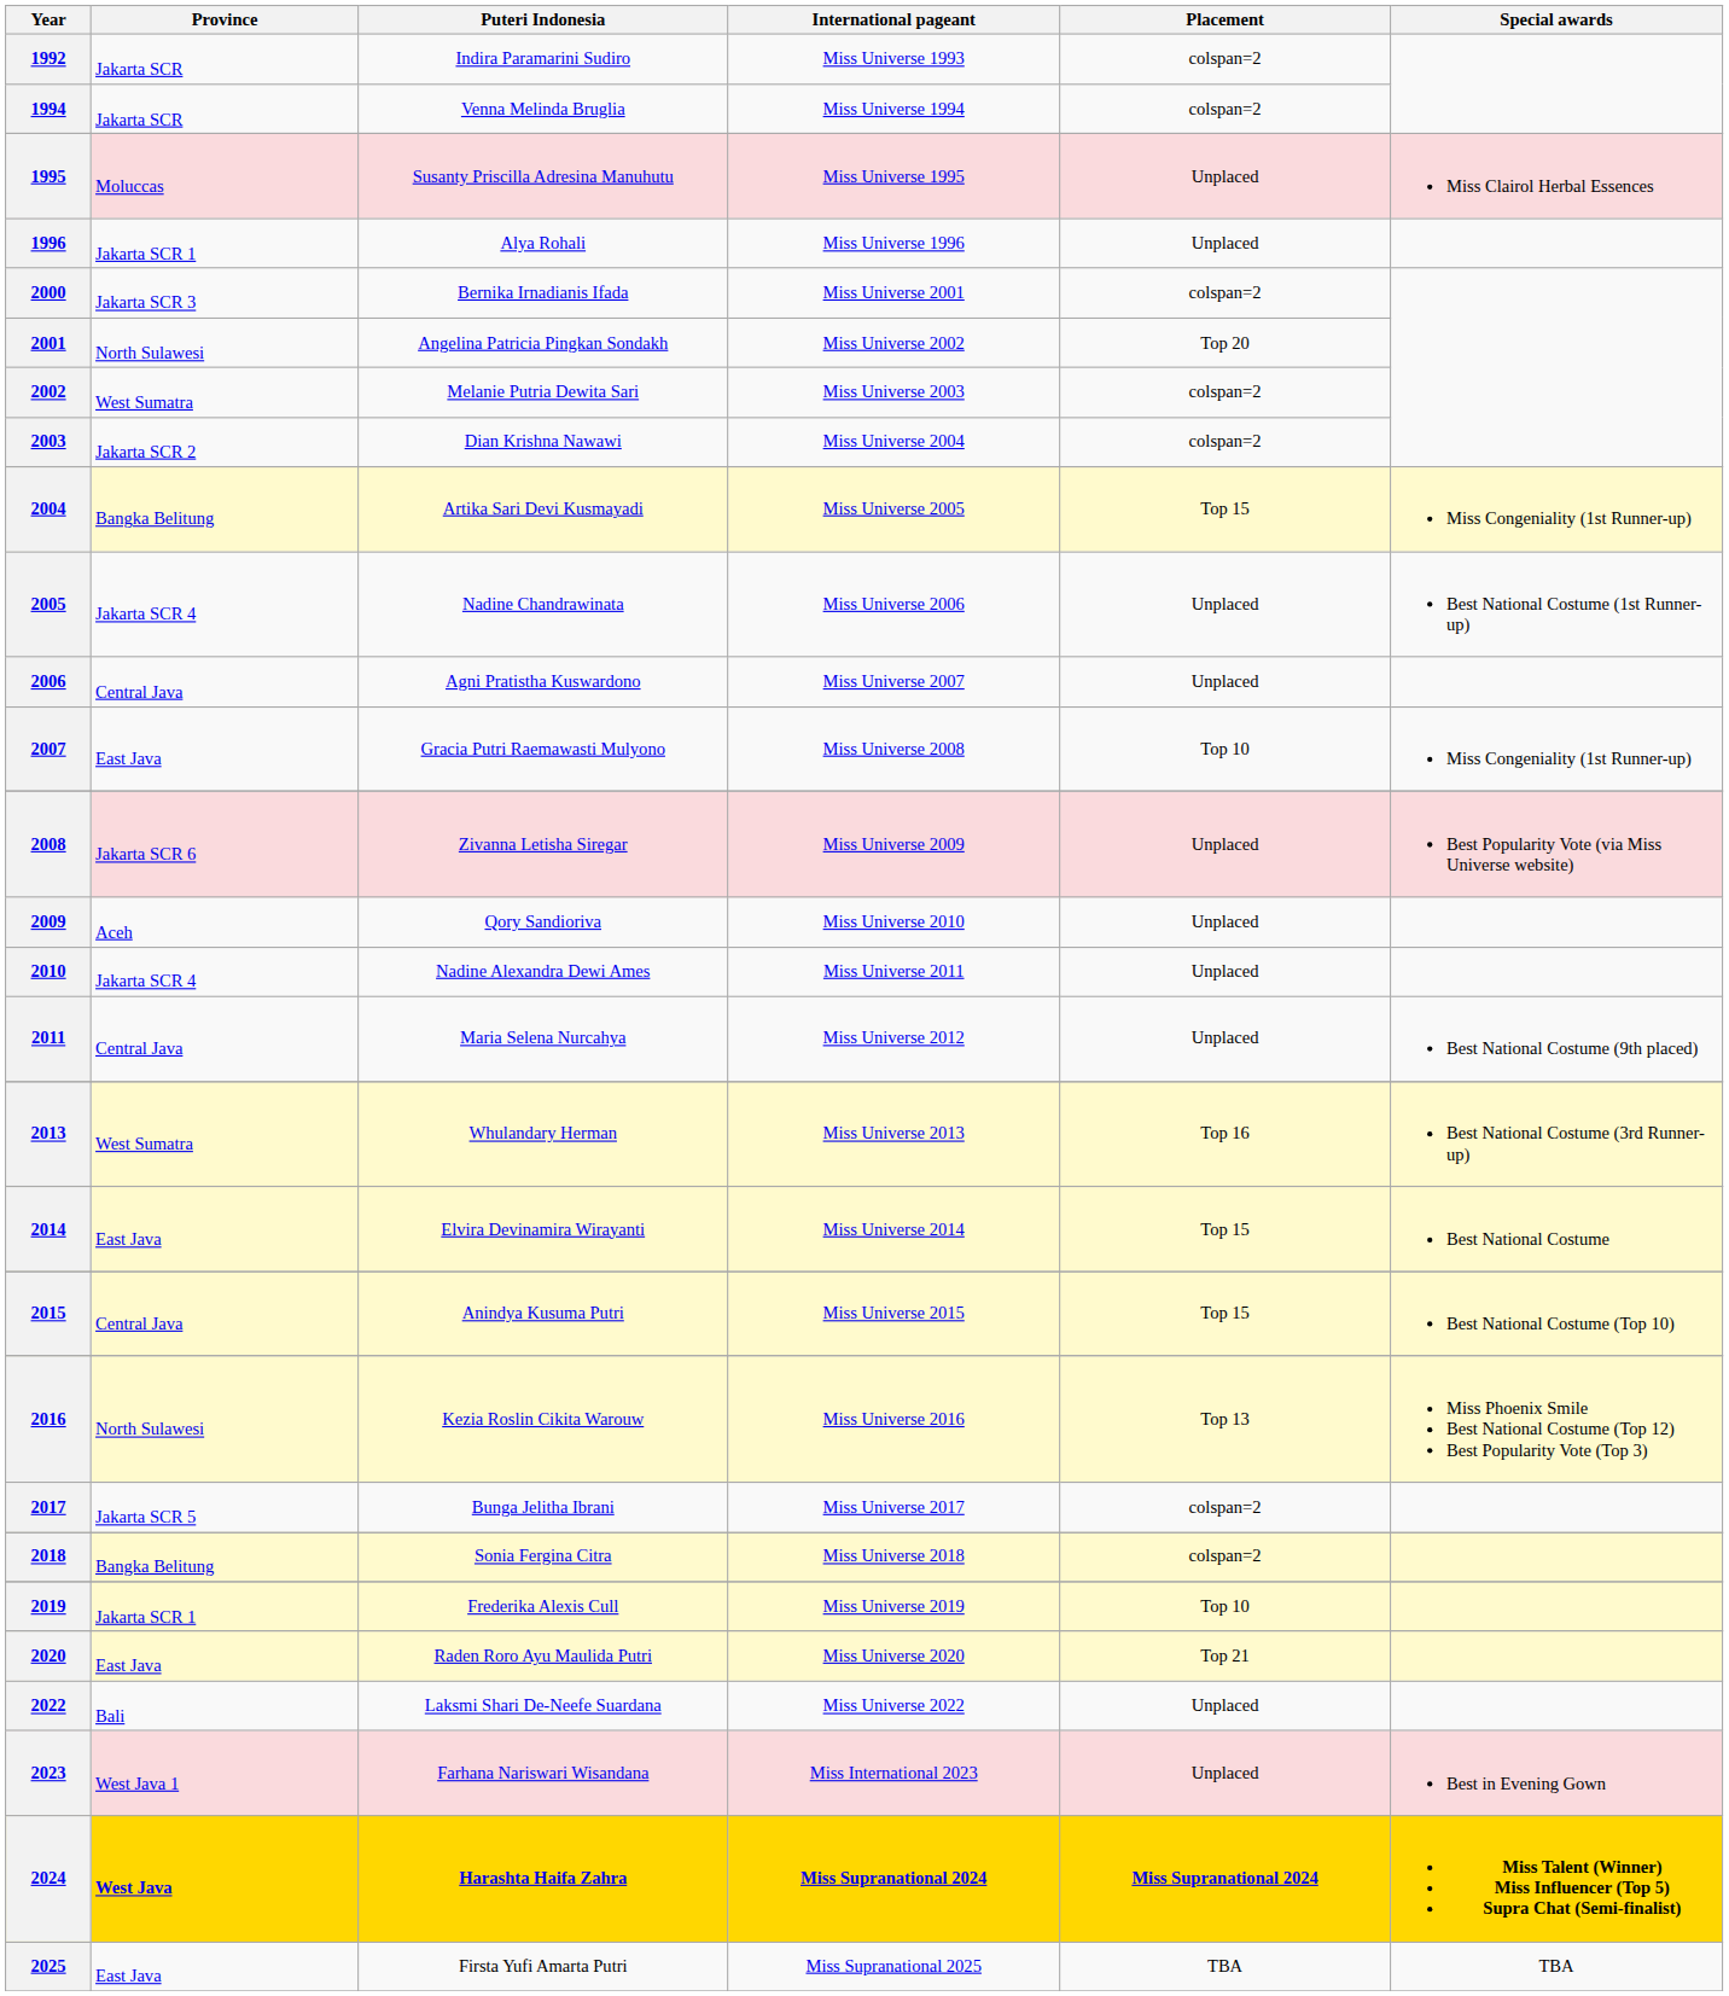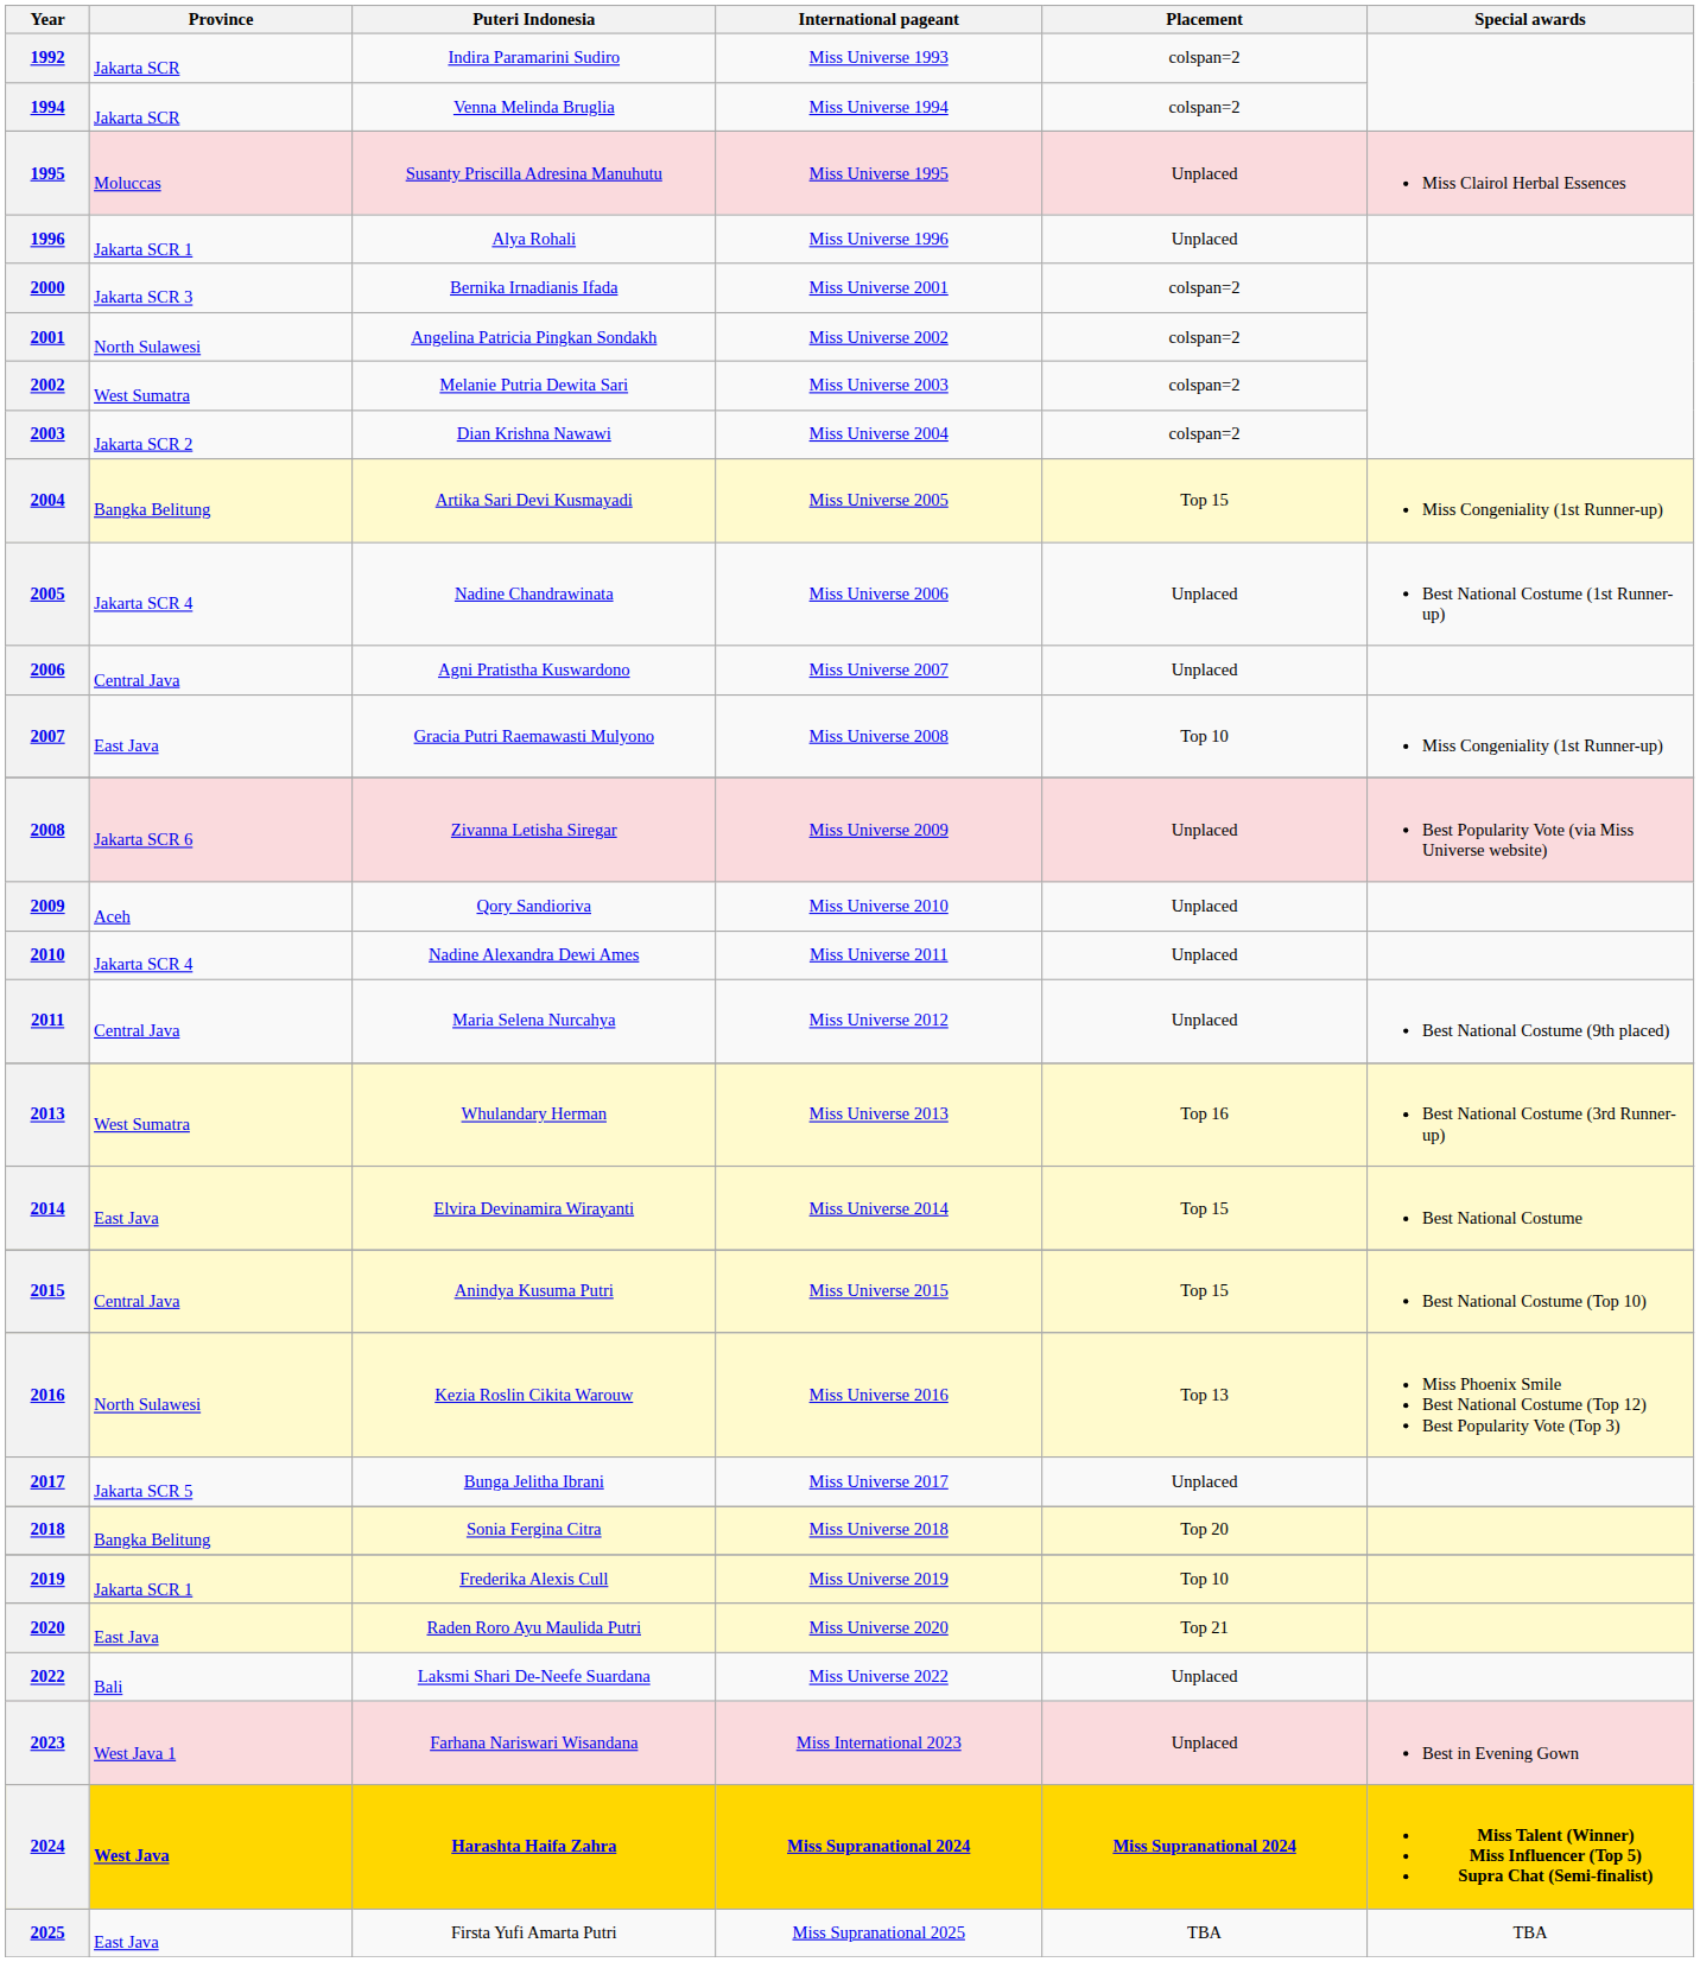 <table class="wikitable" style="font-size: 85%; text-align:center">
 <tr colspan=10 align="center">
 <th width="60">Year</th>
 <th width="200">Province</th>
 <th width="280">Puteri Indonesia</th>
 <th width="250">International pageant</th>
 <th width="250">Placement</th>
 <th width="250">Special awards</th>
 </tr>
 <tr>
 <th><a href='#'>1992</a></th>
 <td align="left"><br><a href='#'>Jakarta SCR</a></td>
 <td><a href='#'>Indira Paramarini Sudiro</a></td>
 <td><a href='#'>Miss Universe 1993</a></td>
 <td>colspan=2 </td>
 </tr>
 <tr>
 <th><a href='#'>1994</a></th>
 <td align="left"><br><a href='#'>Jakarta SCR</a></td>
 <td><a href='#'>Venna Melinda Bruglia</a></td>
 <td><a href='#'>Miss Universe 1994</a></td>
 <td>colspan=2 </td>
 </tr>
 <tr>
 </tr>
 <tr style="background-color:#FADADD; ">
 <th><a href='#'>1995</a></th>
 <td align="left"><br><a href='#'>Moluccas</a></td>
 <td><a href='#'>Susanty Priscilla Adresina Manuhutu</a></td>
 <td><a href='#'>Miss Universe 1995</a></td>
 <td>Unplaced</td>
 <td align="left"><br><ul><li>Miss Clairol Herbal Essences</li></ul></td>
 </tr>
 <tr>
 <th><a href='#'>1996</a></th>
 <td align="left"><br><a href='#'>Jakarta SCR 1</a></td>
 <td><a href='#'>Alya Rohali</a></td>
 <td><a href='#'>Miss Universe 1996</a></td>
 <td>Unplaced</td>
 <td></td>
 </tr>
 <tr>
 <th><a href='#'>2000</a></th>
 <td align="left"><br><a href='#'>Jakarta SCR 3</a></td>
 <td><a href='#'>Bernika Irnadianis Ifada</a></td>
 <td><a href='#'>Miss Universe 2001</a></td>
 <td>colspan=2 </td>
 </tr>
 <tr>
 <th><a href='#'>2001</a></th>
 <td align="left"><br><a href='#'>North Sulawesi</a></td>
 <td><a href='#'>Angelina Patricia Pingkan Sondakh</a></td>
 <td><a href='#'>Miss Universe 2002</a></td>
-<td>Top 20</td>
+<td>colspan=2 </td>
 </tr>
 <tr>
 <th><a href='#'>2002</a></th>
 <td align="left"><br><a href='#'>West Sumatra</a></td>
 <td><a href='#'>Melanie Putria Dewita Sari</a></td>
 <td><a href='#'>Miss Universe 2003</a></td>
 <td>colspan=2 </td>
 </tr>
 <tr>
 <th><a href='#'>2003</a></th>
 <td align="left"><br><a href='#'>Jakarta SCR 2</a></td>
 <td><a href='#'>Dian Krishna Nawawi</a></td>
 <td><a href='#'>Miss Universe 2004</a></td>
 <td>colspan=2 </td>
 </tr>
 <tr>
 </tr>
 <tr style="background-color:#FFFACD; ">
 <th><a href='#'>2004</a></th>
 <td align="left"><br><a href='#'>Bangka Belitung</a></td>
 <td><a href='#'>Artika Sari Devi Kusmayadi</a></td>
 <td><a href='#'>Miss Universe 2005</a></td>
 <td>Top 15</td>
 <td align="left"><br><ul><li>Miss Congeniality (1st Runner-up)</li></ul></td>
 </tr>
 <tr>
 <th><a href='#'>2005</a></th>
 <td align="left"><br><a href='#'>Jakarta SCR 4</a></td>
 <td><a href='#'>Nadine Chandrawinata</a></td>
 <td><a href='#'>Miss Universe 2006</a></td>
 <td>Unplaced</td>
 <td align="left"><br><ul><li>Best National Costume (1st Runner-up)</li></ul></td>
 </tr>
 <tr>
 <th><a href='#'>2006</a></th>
 <td align="left"><br><a href='#'>Central Java</a></td>
 <td><a href='#'>Agni Pratistha Kuswardono</a></td>
 <td><a href='#'>Miss Universe 2007</a></td>
 <td>Unplaced</td>
 <td></td>
 </tr>
 <tr>
 <th><a href='#'>2007</a></th>
 <td align="left"><br><a href='#'>East Java</a></td>
 <td><a href='#'>Gracia Putri Raemawasti Mulyono</a></td>
 <td><a href='#'>Miss Universe 2008</a></td>
 <td>Top 10</td>
 <td align="left"><br><ul><li>Miss Congeniality (1st Runner-up)</li></ul></td>
 </tr>
 <tr>
 </tr>
 <tr style="background-color:#FADADD; ">
 <th><a href='#'>2008</a></th>
 <td align="left"><br><a href='#'>Jakarta SCR 6</a></td>
 <td><a href='#'>Zivanna Letisha Siregar</a></td>
 <td><a href='#'>Miss Universe 2009</a></td>
 <td>Unplaced</td>
 <td align="left"><br><ul><li>Best Popularity Vote (via Miss Universe website)</li></ul></td>
 </tr>
 <tr>
 <th><a href='#'>2009</a></th>
 <td align="left"><br><a href='#'>Aceh</a></td>
 <td><a href='#'>Qory Sandioriva</a></td>
 <td><a href='#'>Miss Universe 2010</a></td>
 <td>Unplaced</td>
 <td></td>
 </tr>
 <tr>
 <th><a href='#'>2010</a></th>
 <td align="left"><br><a href='#'>Jakarta SCR 4</a></td>
 <td><a href='#'>Nadine Alexandra Dewi Ames</a></td>
 <td><a href='#'>Miss Universe 2011</a></td>
 <td>Unplaced</td>
 <td></td>
 </tr>
 <tr>
 <th><a href='#'>2011</a></th>
 <td align="left"><br><a href='#'>Central Java</a></td>
 <td><a href='#'>Maria Selena Nurcahya</a></td>
 <td><a href='#'>Miss Universe 2012</a></td>
 <td>Unplaced</td>
 <td align="left"><br><ul><li>Best National Costume (9th placed)</li></ul></td>
 </tr>
 <tr>
 </tr>
 <tr style="background-color:#FFFACD; ">
 <th><a href='#'>2013</a></th>
 <td align="left"><br><a href='#'>West Sumatra</a></td>
 <td><a href='#'>Whulandary Herman</a></td>
 <td><a href='#'>Miss Universe 2013</a></td>
 <td>Top 16</td>
 <td align="left"><br><ul><li>Best National Costume (3rd Runner-up)</li></ul></td>
 </tr>
 <tr>
 </tr>
 <tr style="background-color:#FFFACD; ">
 <th><a href='#'>2014</a></th>
 <td align="left"><br><a href='#'>East Java</a></td>
 <td><a href='#'>Elvira Devinamira Wirayanti</a></td>
 <td><a href='#'>Miss Universe 2014</a></td>
 <td>Top 15</td>
 <td align="left"><br><ul><li>Best National Costume</li></ul></td>
 </tr>
 <tr>
 </tr>
 <tr style="background-color:#FFFACD; ">
 <th><a href='#'>2015</a></th>
 <td align="left"><br><a href='#'>Central Java</a></td>
 <td><a href='#'>Anindya Kusuma Putri</a></td>
 <td><a href='#'>Miss Universe 2015</a></td>
 <td>Top 15</td>
 <td align="left"><br><ul><li>Best National Costume (Top 10)</li></ul></td>
 </tr>
 <tr>
 </tr>
 <tr style="background-color:#FFFACD; ">
 <th><a href='#'>2016</a></th>
 <td align="left"><br><a href='#'>North Sulawesi</a></td>
 <td><a href='#'>Kezia Roslin Cikita Warouw</a></td>
 <td><a href='#'>Miss Universe 2016</a></td>
 <td>Top 13</td>
 <td align="left"><br><ul><li>Miss Phoenix Smile</li><li>Best National Costume (Top 12)</li><li>Best Popularity Vote (Top 3)</li></ul></td>
 </tr>
 <tr>
 <th><a href='#'>2017</a></th>
 <td align="left"><br><a href='#'>Jakarta SCR 5</a></td>
 <td><a href='#'>Bunga Jelitha Ibrani</a></td>
 <td><a href='#'>Miss Universe 2017</a></td>
-<td>colspan=2 </td>
+<td>Unplaced</td>
 <td></td>
 </tr>
 <tr>
 </tr>
 <tr style="background-color:#FFFACD; ">
 <th><a href='#'>2018</a></th>
 <td align="left"><br><a href='#'>Bangka Belitung</a></td>
 <td><a href='#'>Sonia Fergina Citra</a></td>
 <td><a href='#'>Miss Universe 2018</a></td>
-<td>colspan=2 </td>
+<td>Top 20</td>
 <td align="left"></td>
 </tr>
 <tr>
 </tr>
 <tr style="background-color:#FFFACD; ">
 <th><a href='#'>2019</a></th>
 <td align="left"><br><a href='#'>Jakarta SCR 1</a></td>
 <td><a href='#'>Frederika Alexis Cull</a></td>
 <td><a href='#'>Miss Universe 2019</a></td>
 <td>Top 10</td>
 <td></td>
 </tr>
 <tr>
 </tr>
 <tr style="background-color:#FFFACD; ">
 <th><a href='#'>2020</a></th>
 <td align="left"><br><a href='#'>East Java</a></td>
 <td><a href='#'>Raden Roro Ayu Maulida Putri</a></td>
 <td><a href='#'>Miss Universe 2020</a></td>
 <td>Top 21</td>
 <td></td>
 </tr>
 <tr>
 <th><a href='#'>2022</a></th>
 <td align="left"><br><a href='#'>Bali</a></td>
 <td><a href='#'>Laksmi Shari De-Neefe Suardana</a></td>
 <td><a href='#'>Miss Universe 2022</a></td>
 <td>Unplaced</td>
 <td></td>
 </tr>
 <tr style="background-color:#FADADD; ">
 <th><a href='#'>2023</a></th>
 <td align="left"><br><a href='#'>West Java 1</a></td>
 <td><a href='#'>Farhana Nariswari Wisandana</a></td>
 <td><a href='#'>Miss International 2023</a></td>
 <td>Unplaced</td>
 <td align="left"><br><ul><li>Best in Evening Gown</li></ul></td>
 </tr>
 <tr style="background-color:gold; ">
 <th><a href='#'>2024</a></th>
 <td align="left"><br><strong><a href='#'>West Java</a></strong></td>
 <td><strong><a href='#'>Harashta Haifa Zahra</a></strong></td>
 <td><strong><a href='#'>Miss Supranational 2024</a></strong></td>
 <td><strong><a href='#'>Miss Supranational 2024</a></strong></td>
 <td><br><ul><li><strong>Miss Talent (Winner)</strong></li><li><strong>Miss Influencer (Top 5)</strong></li><li><strong>Supra Chat (Semi-finalist)</strong></li></ul></td>
 </tr>
 <tr>
 <th><a href='#'>2025</a></th>
 <td align="left"><br><a href='#'>East Java</a></td>
 <td>Firsta Yufi Amarta Putri</td>
 <td><a href='#'>Miss Supranational 2025</a></td>
 <td>TBA</td>
 <td>TBA</td>
 </tr>
 <tr>
 </tr>
 </table>
